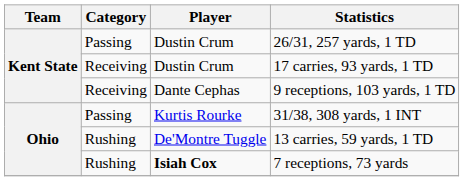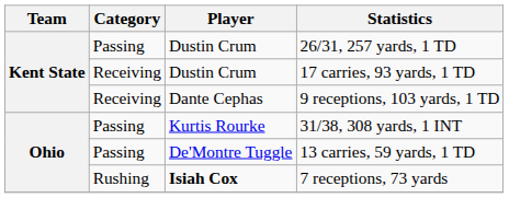 <table class="wikitable" style="float: left;">
 <tr>
 <th>Team</th>
 <th>Category</th>
 <th>Player</th>
 <th>Statistics</th>
 </tr>
 <tr>
 <th rowspan=3>Kent State</th>
 <td>Passing</td>
 <td>Dustin Crum</td>
 <td>26/31, 257 yards, 1 TD</td>
 </tr>
 <tr>
 <td>Receiving</td>
 <td>Dustin Crum</td>
 <td>17 carries, 93 yards, 1 TD</td>
 </tr>
 <tr>
 <td>Receiving</td>
 <td>Dante Cephas</td>
 <td>9 receptions, 103 yards, 1 TD</td>
 </tr>
 <tr>
 <th rowspan=3 style=>Ohio</th>
 <td>Passing</td>
 <td><a href='#'>Kurtis Rourke</a></td>
 <td>31/38, 308 yards, 1 INT</td>
 </tr>
 <tr>
-<td>Rushing</td>
+<td>Passing</td>
 <td><a href='#'>De'Montre Tuggle</a></td>
 <td>13 carries, 59 yards, 1 TD</td>
 </tr>
 <tr>
 <td>Rushing</td>
 <td><strong>Isiah Cox</strong></td>
 <td>7 receptions, 73 yards</td>
 </tr>
 <tr>
 </tr>
 </table>
